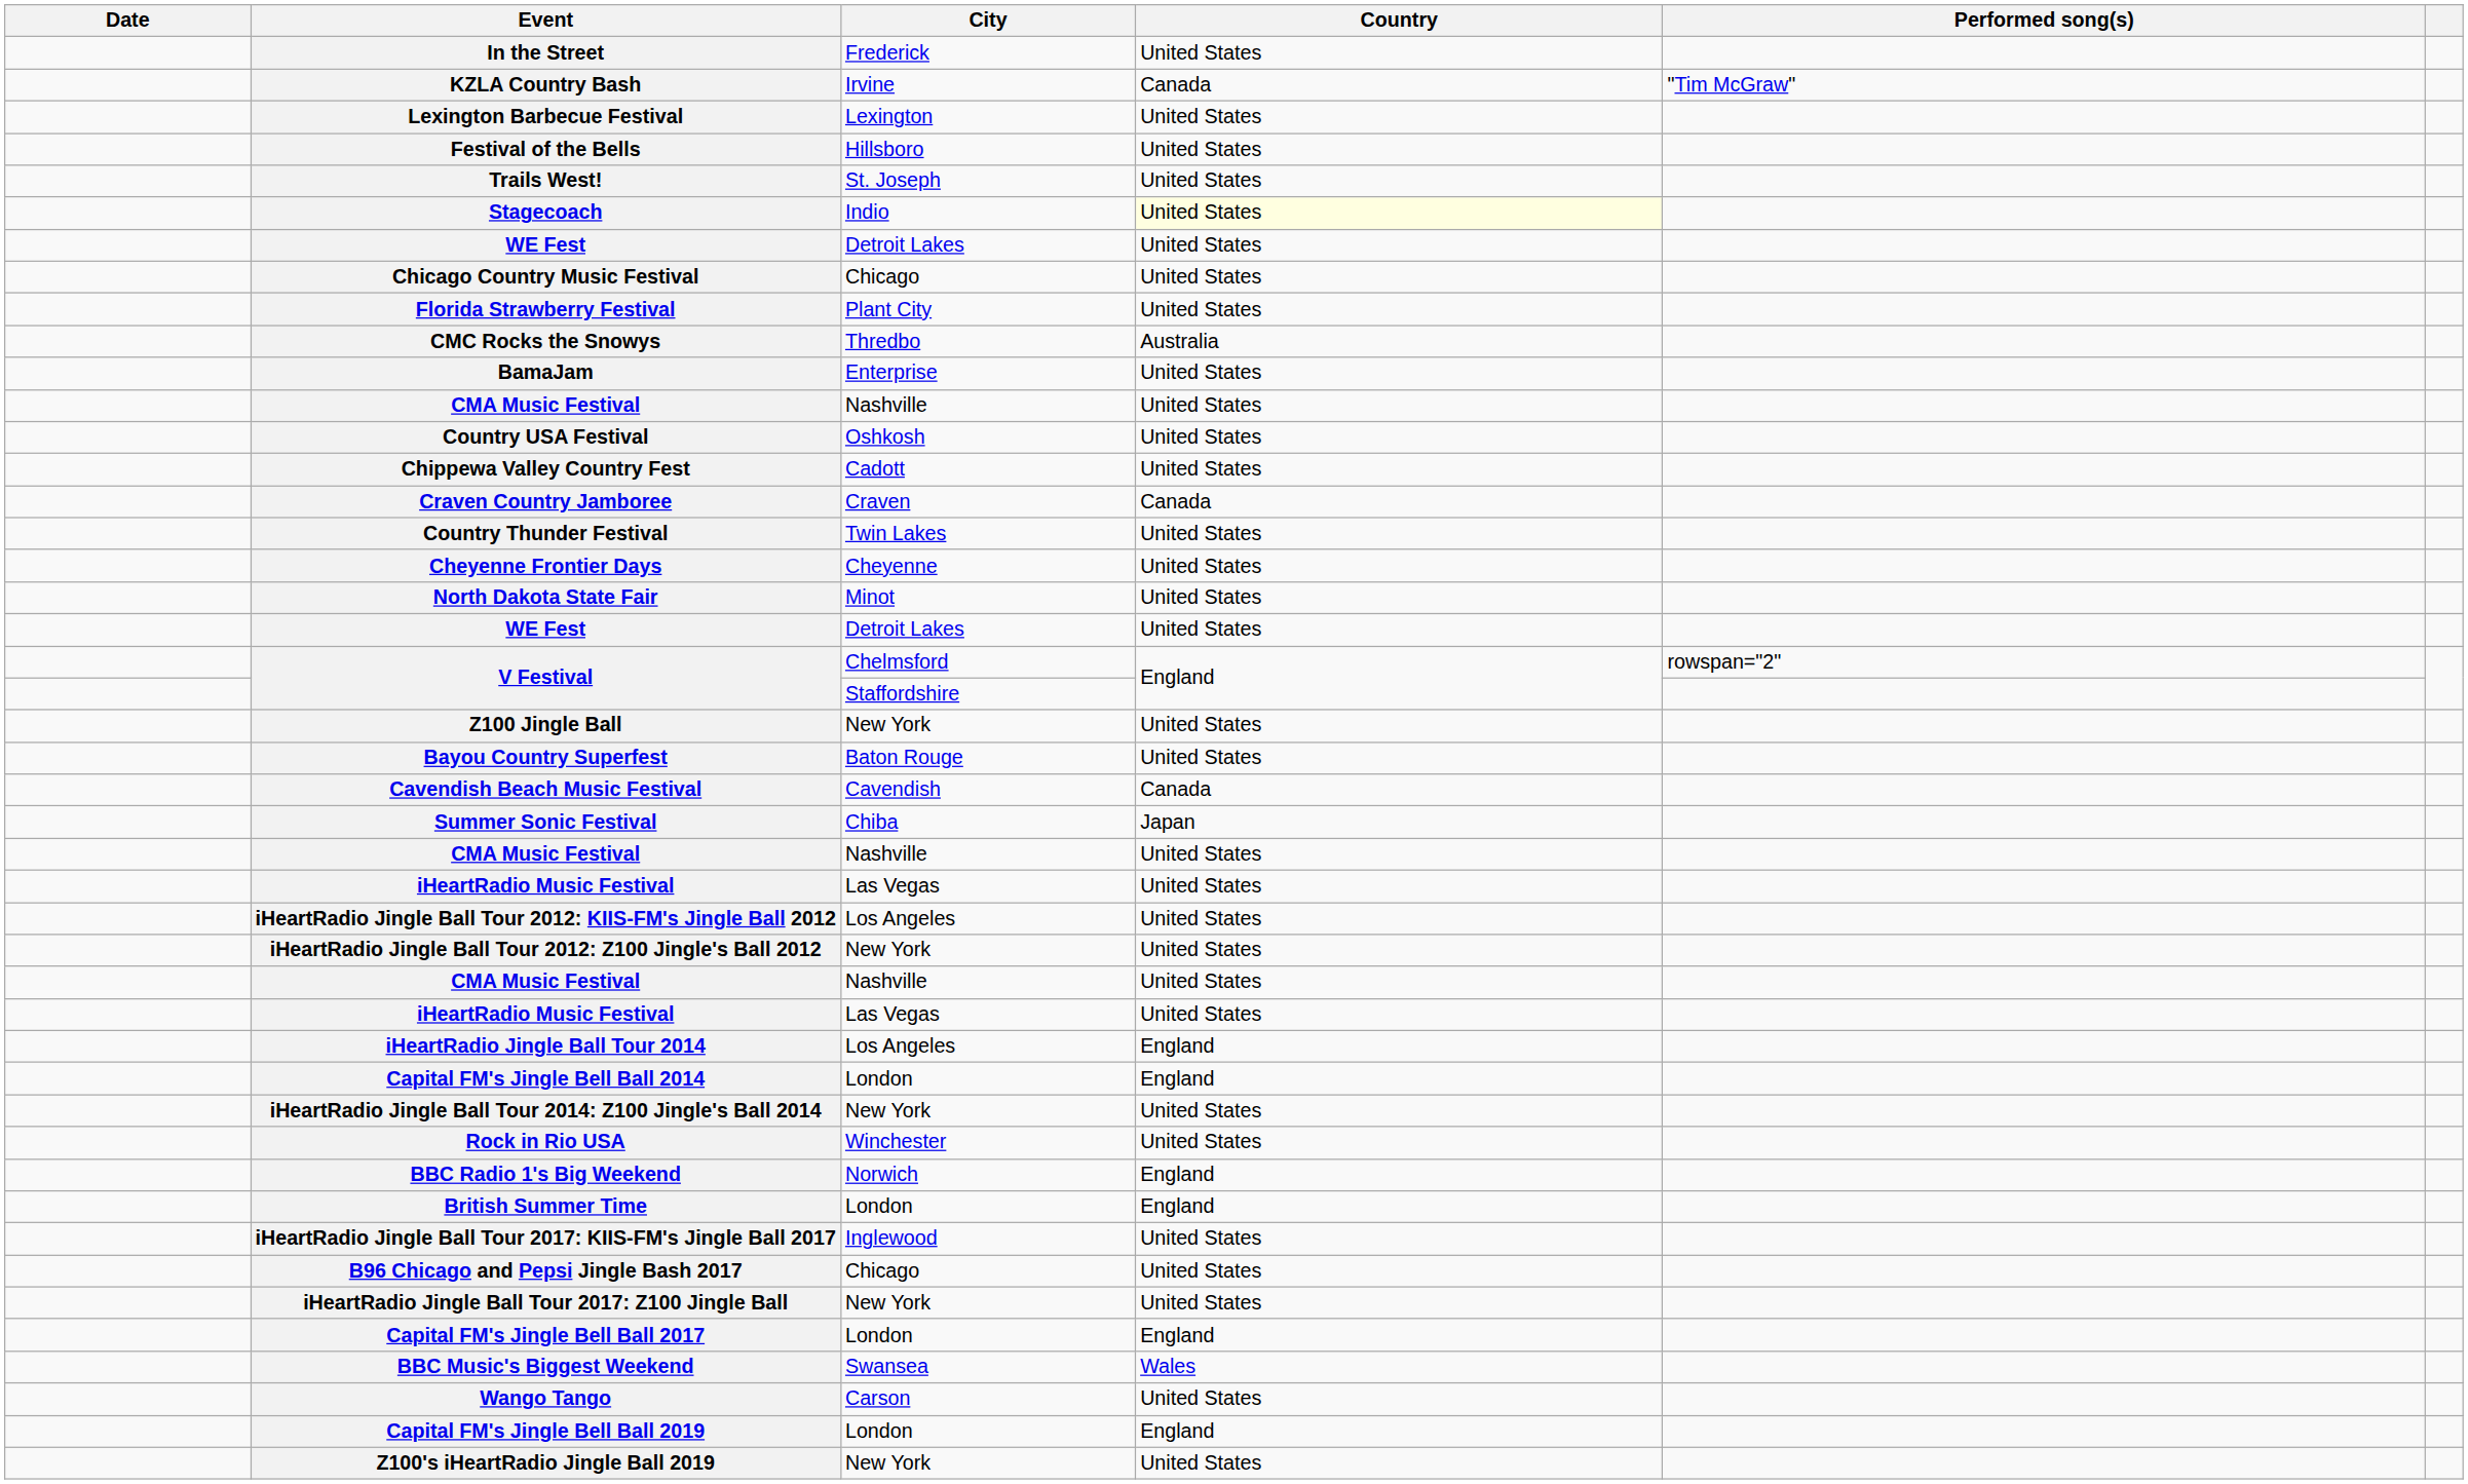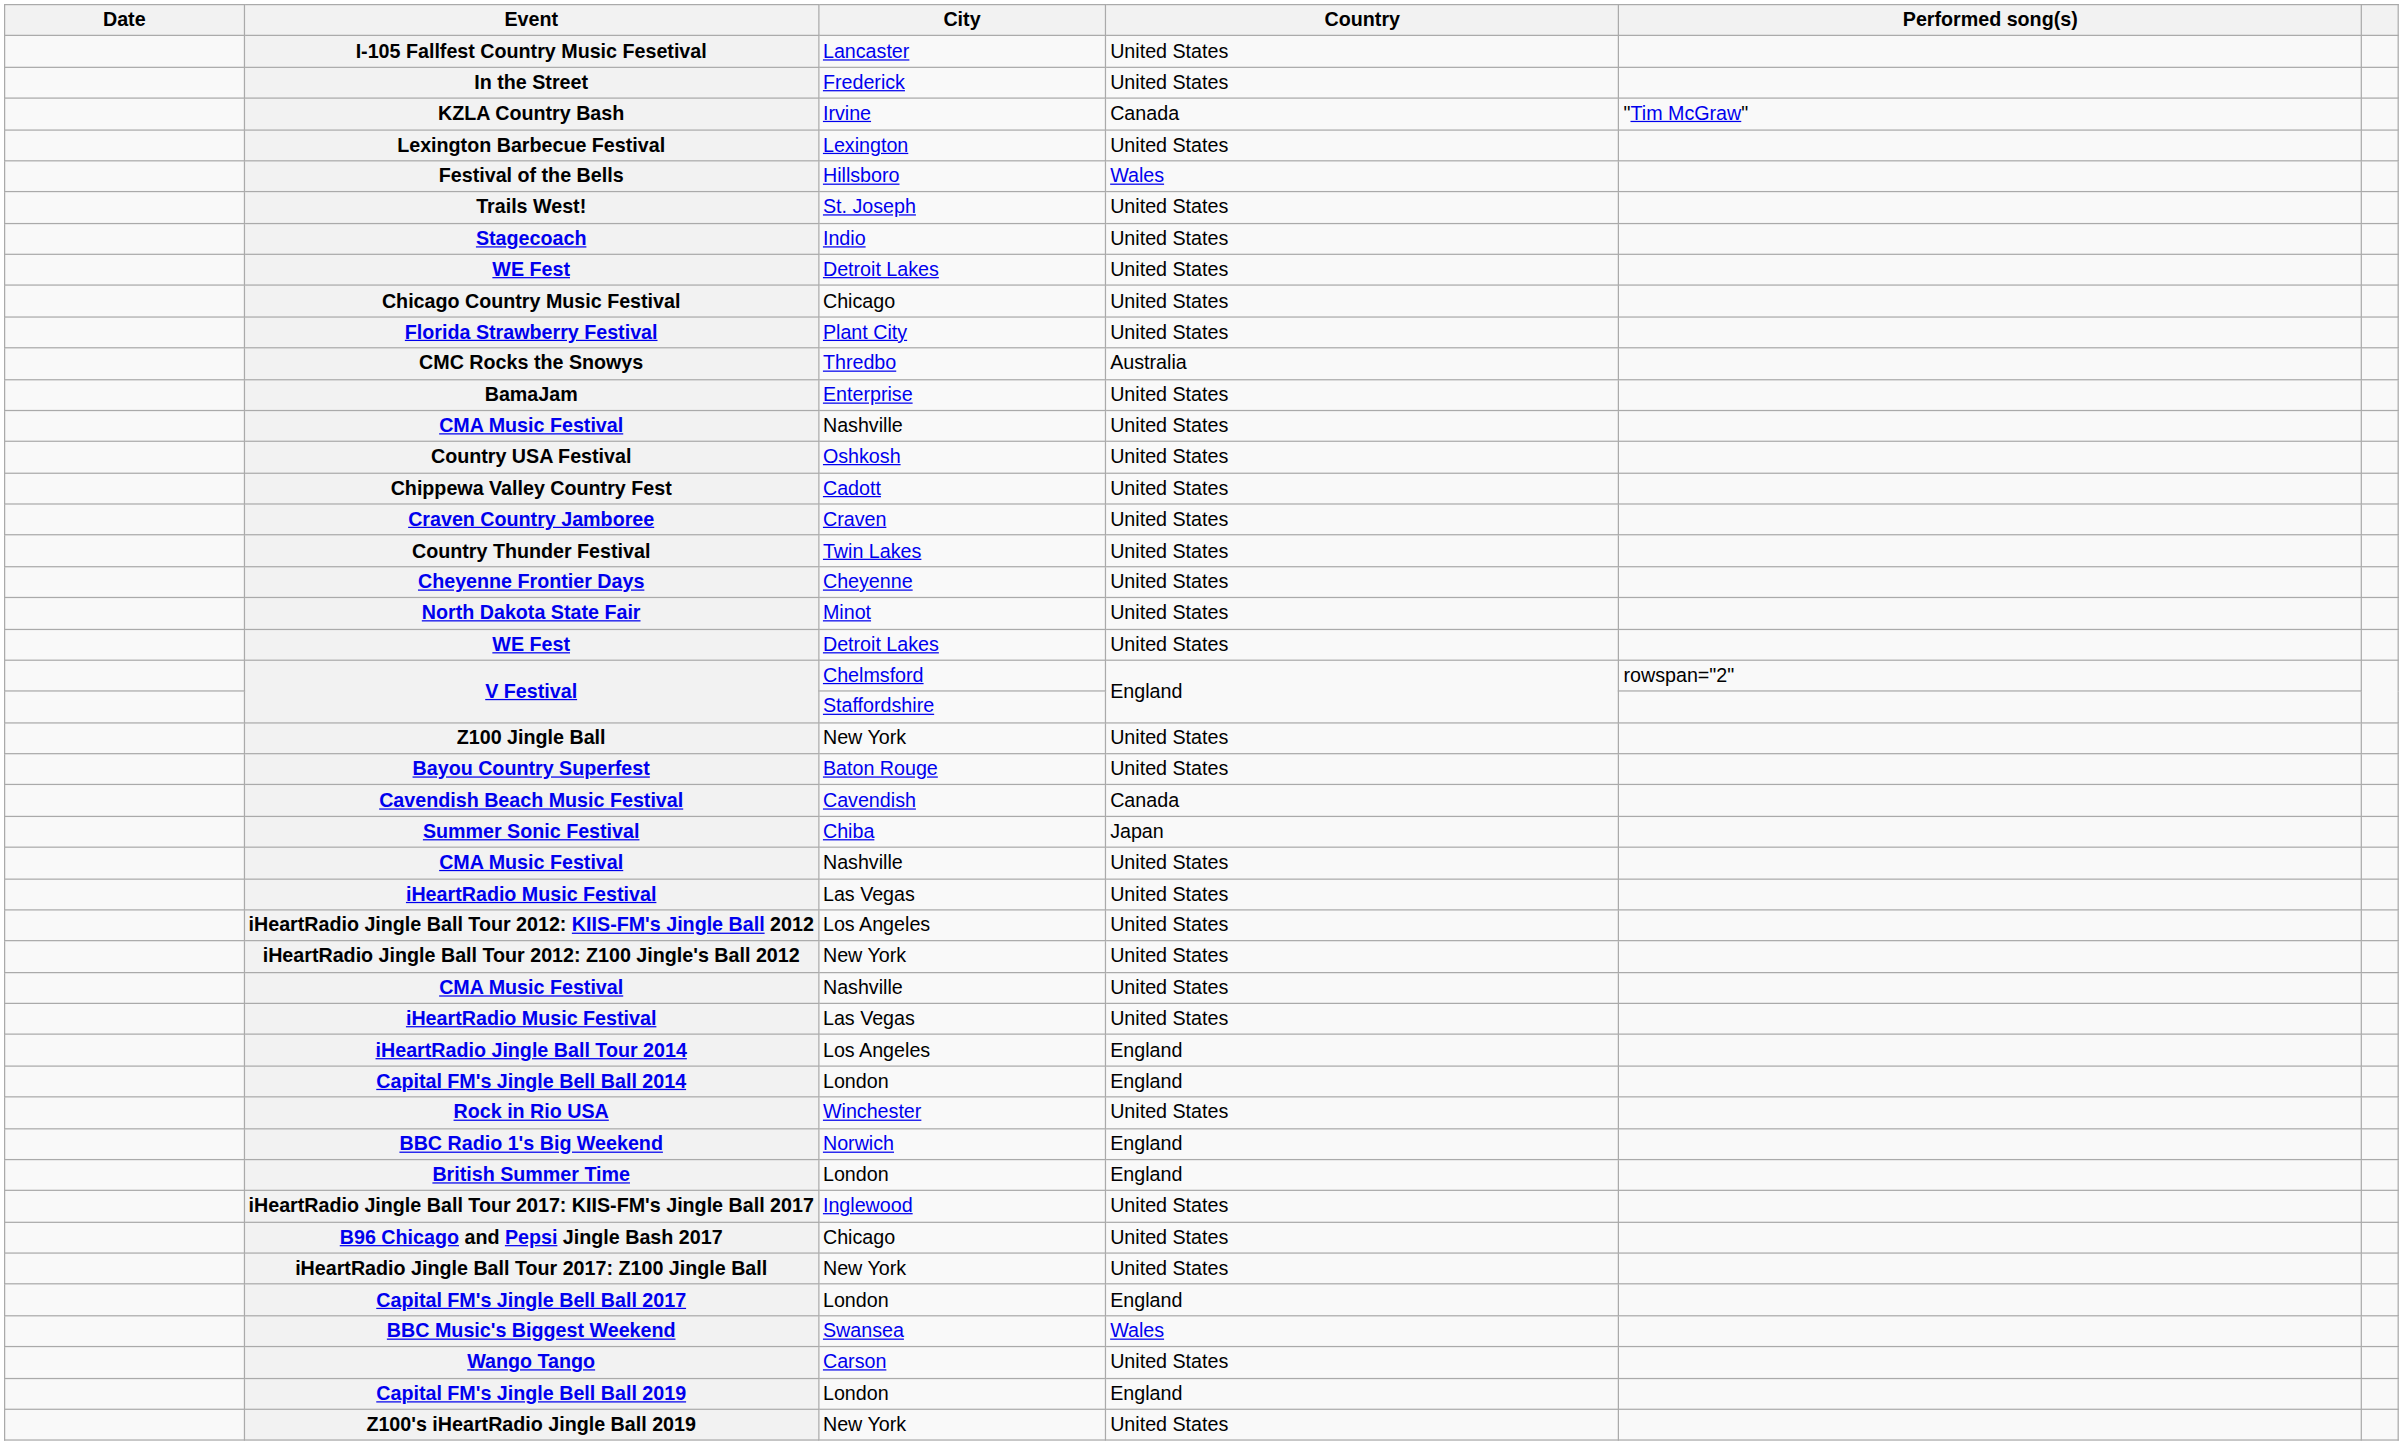 <table class="wikitable sortable plainrowheaders">
 <tr>
 <th scope="col" style="width:10%;">Date</th>
 <th scope="col" style="width:24%;">Event</th>
 <th scope="col" style="width:12%;">City</th>
 <th scope="col">Country</th>
 <th scope="col">Performed song(s)</th>
 <th scope="col" class="unsortable"></th>
+</tr>
+<tr>
+<td></td>
+<th scope="row">I-105 Fallfest Country Music Fesetival</th>
+<td><a href='#'>Lancaster</a></td>
+<td>United States</td>
+<td></td>
+<td style="text-align:center;"></td>
 </tr>
 <tr>
 <td></td>
 <th scope="row">In the Street</th>
 <td><a href='#'>Frederick</a></td>
 <td>United States</td>
 <td></td>
 <td style="text-align:center;"></td>
 </tr>
 <tr>
 <td></td>
 <th scope="row">KZLA Country Bash</th>
 <td><a href='#'>Irvine</a></td>
 <td>Canada</td>
 <td>"<a href='#'>Tim McGraw</a>"</td>
 <td style="text-align:center;"></td>
 </tr>
 <tr>
 <td></td>
 <th scope="row">Lexington Barbecue Festival</th>
 <td><a href='#'>Lexington</a></td>
 <td>United States</td>
 <td></td>
 <td style="text-align:center;"></td>
 </tr>
 <tr>
 <td></td>
 <th scope="row">Festival of the Bells</th>
 <td><a href='#'>Hillsboro</a></td>
-<td>United States</td>
+<td><a href='#'>Wales</a></td>
 <td></td>
 <td style="text-align:center;"></td>
 </tr>
 <tr>
 <td></td>
 <th scope="row">Trails West!</th>
 <td><a href='#'>St. Joseph</a></td>
 <td>United States</td>
 <td></td>
 <td style="text-align:center;"></td>
 </tr>
 <tr>
 <td></td>
 <th scope="row"><a href='#'>Stagecoach</a></th>
 <td><a href='#'>Indio</a></td>
-<td style="background: lightyellow;">United States</td>
+<td>United States</td>
 <td></td>
 <td style="text-align:center;"></td>
 </tr>
 <tr>
 <td></td>
 <th scope="row"><a href='#'>WE Fest</a></th>
 <td><a href='#'>Detroit Lakes</a></td>
 <td>United States</td>
 <td></td>
 <td style="text-align:center;"></td>
 </tr>
 <tr>
 <td></td>
 <th scope="row">Chicago Country Music Festival</th>
 <td>Chicago</td>
 <td>United States</td>
 <td></td>
 <td style="text-align:center;"></td>
 </tr>
 <tr>
 <td></td>
 <th scope="row"><a href='#'>Florida Strawberry Festival</a></th>
 <td><a href='#'>Plant City</a></td>
 <td>United States</td>
 <td></td>
 <td style="text-align:center;"></td>
 </tr>
 <tr>
 <td></td>
 <th scope="row">CMC Rocks the Snowys</th>
 <td><a href='#'>Thredbo</a></td>
 <td>Australia</td>
 <td></td>
 <td style="text-align:center;"></td>
 </tr>
 <tr>
 <td></td>
 <th scope="row">BamaJam</th>
 <td><a href='#'>Enterprise</a></td>
 <td>United States</td>
 <td></td>
 <td style="text-align:center;"></td>
 </tr>
 <tr>
 <td></td>
 <th scope="row"><a href='#'>CMA Music Festival</a></th>
 <td>Nashville</td>
 <td>United States</td>
 <td></td>
 <td style="text-align:center;"></td>
 </tr>
 <tr>
 <td></td>
 <th scope="row">Country USA Festival</th>
 <td><a href='#'>Oshkosh</a></td>
 <td>United States</td>
 <td></td>
 <td style="text-align:center;"></td>
 </tr>
 <tr>
 <td></td>
 <th scope="row">Chippewa Valley Country Fest</th>
 <td><a href='#'>Cadott</a></td>
 <td>United States</td>
 <td></td>
 <td style="text-align:center;"></td>
 </tr>
 <tr>
 <td></td>
 <th scope="row"><a href='#'>Craven Country Jamboree</a></th>
 <td><a href='#'>Craven</a></td>
-<td>Canada</td>
+<td>United States</td>
 <td style="text-align:center;"></td>
 <td style="text-align:center;"></td>
 </tr>
 <tr>
 <td></td>
 <th scope="row">Country Thunder Festival</th>
 <td><a href='#'>Twin Lakes</a></td>
 <td>United States</td>
 <td style="text-align:center;"></td>
 <td style="text-align:center;"></td>
 </tr>
 <tr>
 <td></td>
 <th scope="row"><a href='#'>Cheyenne Frontier Days</a></th>
 <td><a href='#'>Cheyenne</a></td>
 <td>United States</td>
 <td></td>
 <td style="text-align:center;"></td>
 </tr>
 <tr>
 <td></td>
 <th scope="row"><a href='#'>North Dakota State Fair</a></th>
 <td><a href='#'>Minot</a></td>
 <td>United States</td>
 <td></td>
 <td style="text-align:center;"></td>
 </tr>
 <tr>
 <td></td>
 <th scope="row"><a href='#'>WE Fest</a></th>
 <td><a href='#'>Detroit Lakes</a></td>
 <td>United States</td>
 <td style="text-align:center;"></td>
 <td style="text-align:center;"></td>
 </tr>
 <tr>
 <td></td>
 <th scope="row" rowspan="2"><a href='#'>V Festival</a></th>
 <td><a href='#'>Chelmsford</a></td>
 <td rowspan="2">England</td>
 <td>rowspan="2"  </td>
 <td rowspan="2" style="text-align:center;"></td>
 </tr>
 <tr>
 <td></td>
 <td><a href='#'>Staffordshire</a></td>
 </tr>
 <tr>
 <td></td>
 <th scope="row">Z100 Jingle Ball</th>
 <td>New York</td>
 <td>United States</td>
 <td></td>
 <td style="text-align:center;"></td>
 </tr>
 <tr>
 <td></td>
 <th scope="row"><a href='#'>Bayou Country Superfest</a></th>
 <td><a href='#'>Baton Rouge</a></td>
 <td>United States</td>
 <td></td>
 <td style="text-align:center;"></td>
 </tr>
 <tr>
 <td></td>
 <th scope="row"><a href='#'>Cavendish Beach Music Festival</a></th>
 <td><a href='#'>Cavendish</a></td>
 <td>Canada</td>
 <td></td>
 <td style="text-align:center;"></td>
 </tr>
 <tr>
 <td></td>
 <th scope="row"><a href='#'>Summer Sonic Festival</a></th>
 <td><a href='#'>Chiba</a></td>
 <td>Japan</td>
 <td></td>
 <td style="text-align:center;"></td>
 </tr>
 <tr>
 <td></td>
 <th scope="row"><a href='#'>CMA Music Festival</a></th>
 <td>Nashville</td>
 <td>United States</td>
 <td></td>
 <td style="text-align:center;"></td>
 </tr>
 <tr>
 <td></td>
 <th scope="row"><a href='#'>iHeartRadio Music Festival</a></th>
 <td>Las Vegas</td>
 <td>United States</td>
 <td></td>
 <td style="text-align:center;"></td>
 </tr>
 <tr>
 <td></td>
 <th scope="row">iHeartRadio Jingle Ball Tour 2012: <a href='#'>KIIS-FM's Jingle Ball</a> 2012</th>
 <td>Los Angeles</td>
 <td>United States</td>
 <td></td>
 <td style="text-align:center;"></td>
 </tr>
 <tr>
 <td></td>
 <th scope="row">iHeartRadio Jingle Ball Tour 2012: Z100 Jingle's Ball 2012</th>
 <td>New York</td>
 <td>United States</td>
 <td></td>
 <td style="text-align:center;"></td>
 </tr>
 <tr>
 <td></td>
 <th scope="row"><a href='#'>CMA Music Festival</a></th>
 <td>Nashville</td>
 <td>United States</td>
 <td></td>
 <td style="text-align:center;"></td>
 </tr>
 <tr>
 <td></td>
 <th scope="row"><a href='#'>iHeartRadio Music Festival</a></th>
 <td>Las Vegas</td>
 <td>United States</td>
 <td></td>
 <td style="text-align:center;"></td>
 </tr>
 <tr>
 <td></td>
 <th scope="row"><a href='#'>iHeartRadio Jingle Ball Tour 2014</a></th>
 <td>Los Angeles</td>
 <td>England</td>
 <td></td>
 <td style="text-align:center;"></td>
 </tr>
 <tr>
 <td></td>
 <th scope="row"><a href='#'>Capital FM's Jingle Bell Ball 2014</a></th>
 <td>London</td>
 <td>England</td>
 <td></td>
 <td style="text-align:center;"></td>
 </tr>
 <tr>
 <td></td>
-<th scope="row">iHeartRadio Jingle Ball Tour 2014: Z100 Jingle's Ball 2014</th>
-<td>New York</td>
-<td>United States</td>
-<td></td>
-<td style="text-align:center;"></td>
-</tr>
-<tr>
-<td></td>
 <th scope="row"><a href='#'>Rock in Rio USA</a></th>
 <td><a href='#'>Winchester</a></td>
 <td>United States</td>
 <td></td>
 <td style="text-align:center;"></td>
 </tr>
 <tr>
 <td></td>
 <th scope="row"><a href='#'>BBC Radio 1's Big Weekend</a></th>
 <td><a href='#'>Norwich</a></td>
 <td>England</td>
 <td></td>
 <td style="text-align:center;"></td>
 </tr>
 <tr>
 <td></td>
 <th scope="row"><a href='#'>British Summer Time</a></th>
 <td>London</td>
 <td>England</td>
 <td></td>
 <td style="text-align:center;"></td>
 </tr>
 <tr>
 <td></td>
 <th scope="row">iHeartRadio Jingle Ball Tour 2017: KIIS-FM's Jingle Ball 2017</th>
 <td><a href='#'>Inglewood</a></td>
 <td>United States</td>
 <td></td>
 <td style="text-align:center;"></td>
 </tr>
 <tr>
 <td></td>
 <th scope="row"><a href='#'>B96 Chicago</a> and <a href='#'>Pepsi</a> Jingle Bash 2017</th>
 <td>Chicago</td>
 <td>United States</td>
 <td></td>
 <td style="text-align:center;"></td>
 </tr>
 <tr>
 <td></td>
 <th scope="row">iHeartRadio Jingle Ball Tour 2017: Z100 Jingle Ball</th>
 <td>New York</td>
 <td>United States</td>
 <td></td>
 <td style="text-align:center;"></td>
 </tr>
 <tr>
 <td></td>
 <th scope="row"><a href='#'>Capital FM's Jingle Bell Ball 2017</a></th>
 <td>London</td>
 <td>England</td>
 <td></td>
 <td style="text-align:center;"></td>
 </tr>
 <tr>
 <td></td>
 <th scope="row"><a href='#'>BBC Music's Biggest Weekend</a></th>
 <td><a href='#'>Swansea</a></td>
 <td><a href='#'>Wales</a></td>
 <td></td>
 <td style="text-align:center;"></td>
 </tr>
 <tr>
 <td></td>
 <th scope="row"><a href='#'>Wango Tango</a></th>
 <td><a href='#'>Carson</a></td>
 <td>United States</td>
 <td></td>
 <td style="text-align:center;"></td>
 </tr>
 <tr>
 <td></td>
 <th scope="row"><a href='#'>Capital FM's Jingle Bell Ball 2019</a></th>
 <td>London</td>
 <td>England</td>
 <td></td>
 <td style="text-align:center;"></td>
 </tr>
 <tr>
 <td></td>
 <th scope="row">Z100's iHeartRadio Jingle Ball 2019</th>
 <td>New York</td>
 <td>United States</td>
 <td></td>
 <td style="text-align:center;"></td>
 </tr>
 </table>
